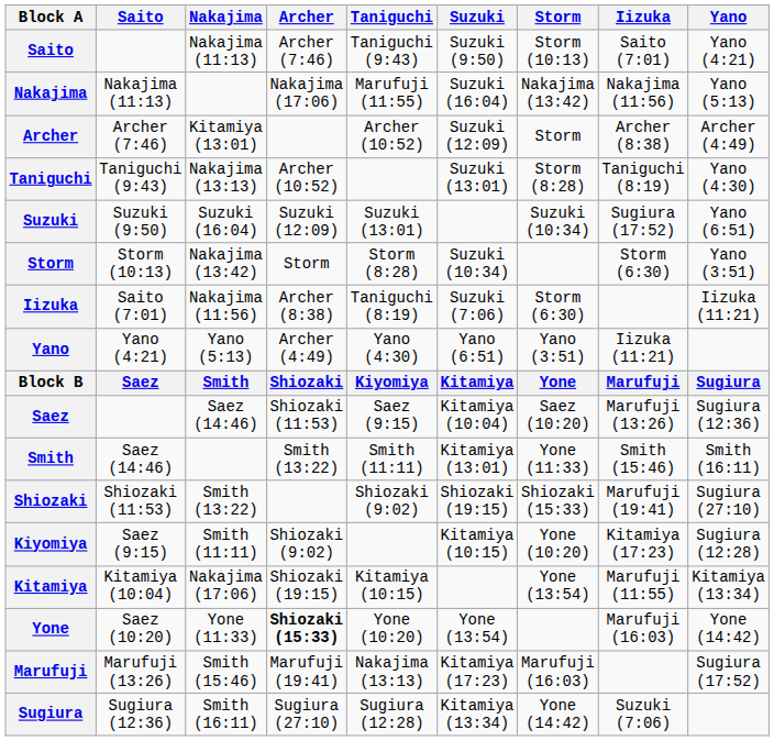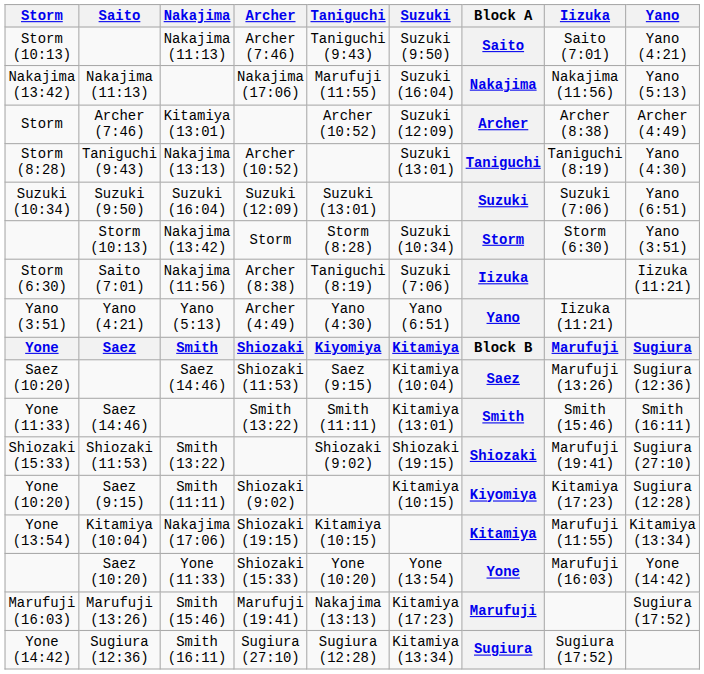 <table class="wikitable" style="margin: 1em auto 1em auto;text-align:center">
 <tr>
-<th>Block A</th>
+<th><a href='#'>Storm</a></th>
 <th><a href='#'>Saito</a></th>
 <th><a href='#'>Nakajima</a></th>
 <th><a href='#'>Archer</a></th>
 <th><a href='#'>Taniguchi</a></th>
 <th><a href='#'>Suzuki</a></th>
-<th><a href='#'>Storm</a></th>
+<th>Block A</th>
 <th><a href='#'>Iizuka</a></th>
 <th><a href='#'>Yano</a></th>
 </tr>
 <tr>
-<th><a href='#'>Saito</a></th>
+<td>Storm<br>(10:13)</td>
 <td></td>
 <td>Nakajima<br>(11:13)</td>
 <td>Archer<br>(7:46)</td>
 <td>Taniguchi<br>(9:43)</td>
 <td>Suzuki<br>(9:50)</td>
-<td>Storm<br>(10:13)</td>
+<th><a href='#'>Saito</a></th>
 <td>Saito<br>(7:01)</td>
 <td>Yano<br>(4:21)</td>
 </tr>
 <tr>
-<th><a href='#'>Nakajima</a></th>
+<td>Nakajima<br>(13:42)</td>
 <td>Nakajima<br>(11:13)</td>
 <td></td>
 <td>Nakajima<br>(17:06)</td>
 <td>Marufuji<br>(11:55)</td>
 <td>Suzuki<br>(16:04)</td>
-<td>Nakajima<br>(13:42)</td>
+<th><a href='#'>Nakajima</a></th>
 <td>Nakajima<br>(11:56)</td>
 <td>Yano<br>(5:13)</td>
 </tr>
 <tr>
-<th><a href='#'>Archer</a></th>
+<td>Storm</td>
 <td>Archer<br>(7:46)</td>
 <td>Kitamiya<br>(13:01)</td>
 <td></td>
 <td>Archer<br>(10:52)</td>
 <td>Suzuki<br>(12:09)</td>
-<td>Storm</td>
+<th><a href='#'>Archer</a></th>
 <td>Archer<br>(8:38)</td>
 <td>Archer<br>(4:49)</td>
 </tr>
 <tr>
-<th><a href='#'>Taniguchi</a></th>
+<td>Storm<br>(8:28)</td>
 <td>Taniguchi<br>(9:43)</td>
 <td>Nakajima<br>(13:13)</td>
 <td>Archer<br>(10:52)</td>
 <td></td>
 <td>Suzuki<br>(13:01)</td>
-<td>Storm<br>(8:28)</td>
+<th><a href='#'>Taniguchi</a></th>
 <td>Taniguchi<br>(8:19)</td>
 <td>Yano<br>(4:30)</td>
 </tr>
 <tr>
-<th><a href='#'>Suzuki</a></th>
+<td>Suzuki<br>(10:34)</td>
 <td>Suzuki<br>(9:50)</td>
 <td>Suzuki<br>(16:04)</td>
 <td>Suzuki<br>(12:09)</td>
 <td>Suzuki<br>(13:01)</td>
 <td></td>
-<td>Suzuki<br>(10:34)</td>
-<td>Sugiura<br>(17:52)</td>
+<th><a href='#'>Suzuki</a></th>
+<td>Suzuki<br>(7:06)</td>
 <td>Yano<br>(6:51)</td>
 </tr>
 <tr>
-<th><a href='#'>Storm</a></th>
+<td></td>
 <td>Storm<br>(10:13)</td>
 <td>Nakajima<br>(13:42)</td>
 <td>Storm</td>
 <td>Storm<br>(8:28)</td>
 <td>Suzuki<br>(10:34)</td>
-<td></td>
+<th><a href='#'>Storm</a></th>
 <td>Storm<br>(6:30)</td>
 <td>Yano<br>(3:51)</td>
 </tr>
 <tr>
-<th><a href='#'>Iizuka</a></th>
+<td>Storm<br>(6:30)</td>
 <td>Saito<br>(7:01)</td>
 <td>Nakajima<br>(11:56)</td>
 <td>Archer<br>(8:38)</td>
 <td>Taniguchi<br>(8:19)</td>
 <td>Suzuki<br>(7:06)</td>
-<td>Storm<br>(6:30)</td>
+<th><a href='#'>Iizuka</a></th>
 <td></td>
 <td>Iizuka<br>(11:21)</td>
 </tr>
 <tr>
-<th><a href='#'>Yano</a></th>
+<td>Yano<br>(3:51)</td>
 <td>Yano<br>(4:21)</td>
 <td>Yano<br>(5:13)</td>
 <td>Archer<br>(4:49)</td>
 <td>Yano<br>(4:30)</td>
 <td>Yano<br>(6:51)</td>
-<td>Yano<br>(3:51)</td>
+<th><a href='#'>Yano</a></th>
 <td>Iizuka<br>(11:21)</td>
 <td></td>
 </tr>
 <tr>
-<th>Block B</th>
+<th><a href='#'>Yone</a></th>
 <th><a href='#'>Saez</a></th>
 <th><a href='#'>Smith</a></th>
 <th><a href='#'>Shiozaki</a></th>
 <th><a href='#'>Kiyomiya</a></th>
 <th><a href='#'>Kitamiya</a></th>
-<th><a href='#'>Yone</a></th>
+<th>Block B</th>
 <th><a href='#'>Marufuji</a></th>
 <th><a href='#'>Sugiura</a></th>
 </tr>
 <tr>
-<th><a href='#'>Saez</a></th>
+<td>Saez<br>(10:20)</td>
 <td></td>
 <td>Saez<br>(14:46)</td>
 <td>Shiozaki<br>(11:53)</td>
 <td>Saez<br>(9:15)</td>
 <td>Kitamiya<br>(10:04)</td>
-<td>Saez<br>(10:20)</td>
+<th><a href='#'>Saez</a></th>
 <td>Marufuji<br>(13:26)</td>
 <td>Sugiura<br>(12:36)</td>
 </tr>
 <tr>
-<th><a href='#'>Smith</a></th>
+<td>Yone<br>(11:33)</td>
 <td>Saez<br>(14:46)</td>
 <td></td>
 <td>Smith<br>(13:22)</td>
 <td>Smith<br>(11:11)</td>
 <td>Kitamiya<br>(13:01)</td>
-<td>Yone<br>(11:33)</td>
+<th><a href='#'>Smith</a></th>
 <td>Smith<br>(15:46)</td>
 <td>Smith<br>(16:11)</td>
 </tr>
 <tr>
-<th><a href='#'>Shiozaki</a></th>
+<td>Shiozaki<br>(15:33)</td>
 <td>Shiozaki<br>(11:53)</td>
 <td>Smith<br>(13:22)</td>
 <td></td>
 <td>Shiozaki<br>(9:02)</td>
 <td>Shiozaki<br>(19:15)</td>
-<td>Shiozaki<br>(15:33)</td>
+<th><a href='#'>Shiozaki</a></th>
 <td>Marufuji<br>(19:41)</td>
 <td>Sugiura<br>(27:10)</td>
 </tr>
 <tr>
-<th><a href='#'>Kiyomiya</a></th>
+<td>Yone<br>(10:20)</td>
 <td>Saez<br>(9:15)</td>
 <td>Smith<br>(11:11)</td>
 <td>Shiozaki<br>(9:02)</td>
 <td></td>
 <td>Kitamiya<br>(10:15)</td>
-<td>Yone<br>(10:20)</td>
+<th><a href='#'>Kiyomiya</a></th>
 <td>Kitamiya<br>(17:23)</td>
 <td>Sugiura<br>(12:28)</td>
 </tr>
 <tr>
-<th><a href='#'>Kitamiya</a></th>
+<td>Yone<br>(13:54)</td>
 <td>Kitamiya<br>(10:04)</td>
 <td>Nakajima<br>(17:06)</td>
 <td>Shiozaki<br>(19:15)</td>
 <td>Kitamiya<br>(10:15)</td>
 <td></td>
-<td>Yone<br>(13:54)</td>
+<th><a href='#'>Kitamiya</a></th>
 <td>Marufuji<br>(11:55)</td>
 <td>Kitamiya<br>(13:34)</td>
 </tr>
 <tr>
-<th><a href='#'>Yone</a></th>
+<td></td>
 <td>Saez<br>(10:20)</td>
 <td>Yone<br>(11:33)</td>
-<td><strong>Shiozaki<br>(15:33)</strong></td>
+<td>Shiozaki<br>(15:33)</td>
 <td>Yone<br>(10:20)</td>
 <td>Yone<br>(13:54)</td>
-<td></td>
+<th><a href='#'>Yone</a></th>
 <td>Marufuji<br>(16:03)</td>
 <td>Yone<br>(14:42)</td>
 </tr>
 <tr>
-<th><a href='#'>Marufuji</a></th>
+<td>Marufuji<br>(16:03)</td>
 <td>Marufuji<br>(13:26)</td>
 <td>Smith<br>(15:46)</td>
 <td>Marufuji<br>(19:41)</td>
 <td>Nakajima<br>(13:13)</td>
 <td>Kitamiya<br>(17:23)</td>
-<td>Marufuji<br>(16:03)</td>
+<th><a href='#'>Marufuji</a></th>
 <td></td>
 <td>Sugiura<br>(17:52)</td>
 </tr>
 <tr>
-<th><a href='#'>Sugiura</a></th>
+<td>Yone<br>(14:42)</td>
 <td>Sugiura<br>(12:36)</td>
 <td>Smith<br>(16:11)</td>
 <td>Sugiura<br>(27:10)</td>
 <td>Sugiura<br>(12:28)</td>
 <td>Kitamiya<br>(13:34)</td>
-<td>Yone<br>(14:42)</td>
-<td>Suzuki<br>(7:06)</td>
+<th><a href='#'>Sugiura</a></th>
+<td>Sugiura<br>(17:52)</td>
 <td></td>
 </tr>
 </table>
